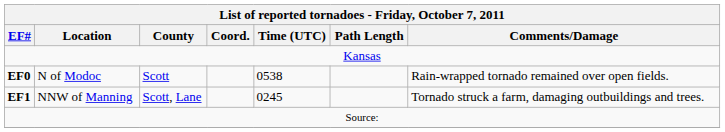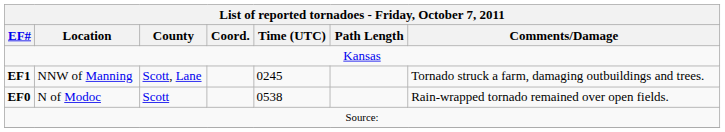 <table class="wikitable collapsible" width="100%">
 <tr>
 <th colspan="7">List of reported tornadoes - Friday, October 7, 2011</th>
 </tr>
 <tr>
 <th><a href='#'>EF#</a></th>
 <th>Location</th>
 <th>County</th>
 <th>Coord.</th>
 <th>Time (UTC)</th>
 <th>Path Length</th>
 <th>Comments/Damage</th>
 </tr>
 <tr>
 <td colspan="7" align=center><a href='#'>Kansas</a></td>
 </tr>
 <tr>
+<td><strong>EF1</strong></td>
+<td>NNW of <a href='#'>Manning</a></td>
+<td><a href='#'>Scott</a>, <a href='#'>Lane</a></td>
+<td></td>
+<td>0245</td>
+<td></td>
+<td>Tornado struck a farm, damaging outbuildings and trees.</td>
+</tr>
+<tr>
 <td><strong>EF0</strong></td>
 <td>N of <a href='#'>Modoc</a></td>
 <td><a href='#'>Scott</a></td>
 <td></td>
 <td>0538</td>
 <td></td>
 <td>Rain-wrapped tornado remained over open fields.</td>
 </tr>
 <tr>
-<td><strong>EF1</strong></td>
-<td>NNW of <a href='#'>Manning</a></td>
-<td><a href='#'>Scott</a>, <a href='#'>Lane</a></td>
-<td></td>
-<td>0245</td>
-<td></td>
-<td>Tornado struck a farm, damaging outbuildings and trees.</td>
-</tr>
-<tr>
 <td colspan="7" align=center><small>Source: </small></td>
 </tr>
 <tr>
 </tr>
 </table>
